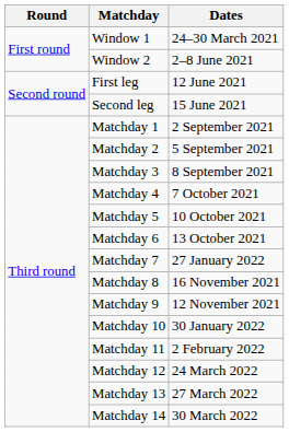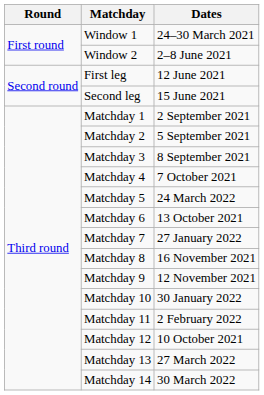 <table class="wikitable">
 <tr>
 <th>Round</th>
 <th>Matchday</th>
 <th>Dates</th>
 </tr>
 <tr>
 <td rowspan="2"><a href='#'>First round</a></td>
 <td>Window 1</td>
 <td>24–30 March 2021</td>
 </tr>
 <tr>
 <td>Window 2</td>
 <td>2–8 June 2021</td>
 </tr>
 <tr>
 <td rowspan="2"><a href='#'>Second round</a></td>
 <td>First leg</td>
 <td>12 June 2021</td>
 </tr>
 <tr>
 <td>Second leg</td>
 <td>15 June 2021</td>
 </tr>
 <tr>
 <td rowspan="14"><a href='#'>Third round</a></td>
 <td>Matchday 1</td>
 <td>2 September 2021</td>
 </tr>
 <tr>
 <td>Matchday 2</td>
 <td>5 September 2021</td>
 </tr>
 <tr>
 <td>Matchday 3</td>
 <td>8 September 2021</td>
 </tr>
 <tr>
 <td>Matchday 4</td>
 <td>7 October 2021</td>
 </tr>
 <tr>
 <td>Matchday 5</td>
-<td>10 October 2021</td>
+<td>24 March 2022</td>
 </tr>
 <tr>
 <td>Matchday 6</td>
 <td>13 October 2021</td>
 </tr>
 <tr>
 <td>Matchday 7</td>
 <td>27 January 2022</td>
 </tr>
 <tr>
 <td>Matchday 8</td>
 <td>16 November 2021</td>
 </tr>
 <tr>
 <td>Matchday 9</td>
 <td>12 November 2021</td>
 </tr>
 <tr>
 <td>Matchday 10</td>
 <td>30 January 2022</td>
 </tr>
 <tr>
 <td>Matchday 11</td>
 <td>2 February 2022</td>
 </tr>
 <tr>
 <td>Matchday 12</td>
-<td>24 March 2022</td>
+<td>10 October 2021</td>
 </tr>
 <tr>
 <td>Matchday 13</td>
 <td>27 March 2022</td>
 </tr>
 <tr>
 <td>Matchday 14</td>
 <td>30 March 2022</td>
 </tr>
 </table>
